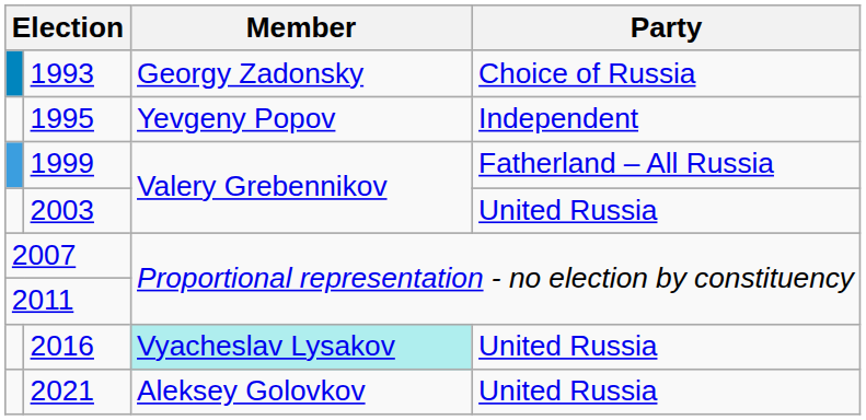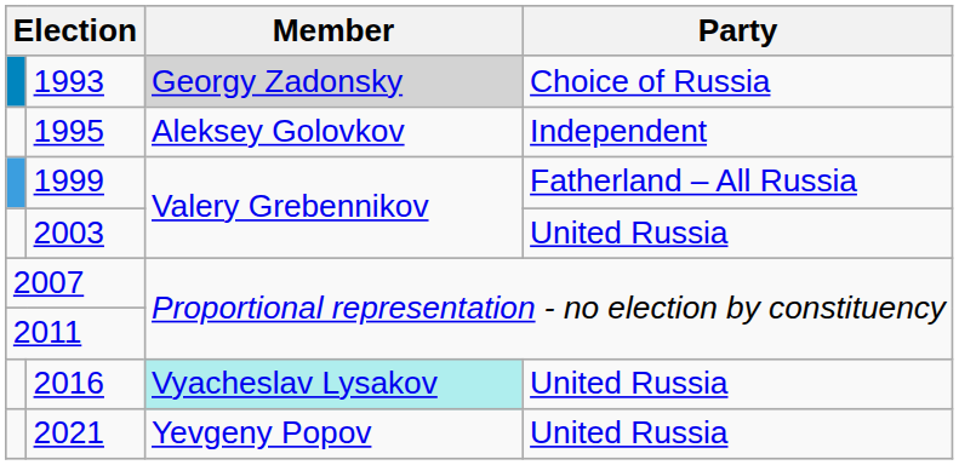 <table class="wikitable">
 <tr>
 <th colspan="2">Election</th>
 <th>Member</th>
 <th>Party</th>
 </tr>
 <tr>
 <td style="background-color:#0085BE"></td>
 <td><a href='#'>1993</a></td>
-<td><a href='#'>Georgy Zadonsky</a></td>
+<td style="background: lightgrey;"><a href='#'>Georgy Zadonsky</a></td>
 <td><a href='#'>Choice of Russia</a></td>
 </tr>
 <tr>
 <td style="background-color:"></td>
 <td><a href='#'>1995</a></td>
-<td><a href='#'>Yevgeny Popov</a></td>
+<td><a href='#'>Aleksey Golovkov</a></td>
 <td><a href='#'>Independent</a></td>
 </tr>
 <tr>
 <td style="background-color:#3B9EDF"></td>
 <td><a href='#'>1999</a></td>
 <td rowspan=2><a href='#'>Valery Grebennikov</a></td>
 <td><a href='#'>Fatherland – All Russia</a></td>
 </tr>
 <tr>
 <td style="background-color:"></td>
 <td><a href='#'>2003</a></td>
 <td><a href='#'>United Russia</a></td>
 </tr>
 <tr>
 <td colspan=2><a href='#'>2007</a></td>
 <td colspan=2 rowspan=2><em><a href='#'>Proportional representation</a> - no election by constituency</em></td>
 </tr>
 <tr>
 <td colspan=2><a href='#'>2011</a></td>
 </tr>
 <tr>
 <td style="background-color:"></td>
 <td><a href='#'>2016</a></td>
 <td style="background: paleturquoise;"><a href='#'>Vyacheslav Lysakov</a></td>
 <td><a href='#'>United Russia</a></td>
 </tr>
 <tr>
 <td style="background-color:"></td>
 <td><a href='#'>2021</a></td>
-<td><a href='#'>Aleksey Golovkov</a></td>
+<td><a href='#'>Yevgeny Popov</a></td>
 <td><a href='#'>United Russia</a></td>
 </tr>
 </table>
